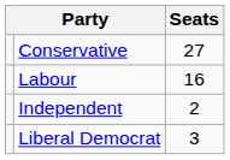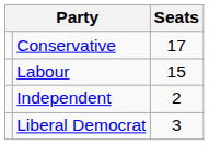 <table class="wikitable">
 <tr>
 <th colspan="2">Party</th>
 <th>Seats</th>
 </tr>
 <tr>
 <td style="background-color: "></td>
 <td><a href='#'>Conservative</a></td>
-<td align=center>27</td>
+<td align=center>17</td>
 </tr>
 <tr>
 <td style="background-color: "></td>
 <td><a href='#'>Labour</a></td>
-<td align=center>16</td>
+<td align=center>15</td>
 </tr>
 <tr>
 <td style="background-color: "></td>
 <td><a href='#'>Independent</a></td>
 <td align=center>2</td>
 </tr>
 <tr>
 <td style="background-color: "></td>
 <td><a href='#'>Liberal Democrat</a></td>
 <td align=center>3</td>
 </tr>
 </table>
